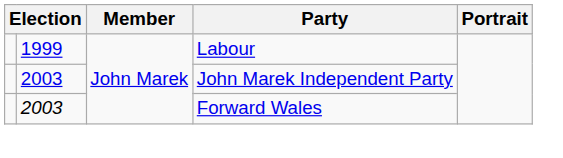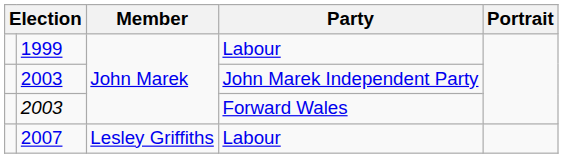 <table class="wikitable">
 <tr>
 <th colspan="2">Election</th>
 <th>Member</th>
 <th>Party</th>
 <th>Portrait</th>
 </tr>
 <tr>
 <td style="background-color: "></td>
 <td><a href='#'>1999</a></td>
 <td rowspan=3><a href='#'>John Marek</a></td>
 <td><a href='#'>Labour</a></td>
 <td rowspan=3></td>
 </tr>
 <tr>
 <td style="background-color: "></td>
 <td><a href='#'>2003</a></td>
 <td><a href='#'>John Marek Independent Party</a></td>
 </tr>
 <tr>
 <td style="background-color: "></td>
 <td><em>2003</em></td>
 <td><a href='#'>Forward Wales</a></td>
 </tr>
+<tr>
+<td style="background-color: "></td>
+<td><a href='#'>2007</a></td>
+<td><a href='#'>Lesley Griffiths</a></td>
+<td><a href='#'>Labour</a></td>
+<td></td>
+</tr>
 </table>
